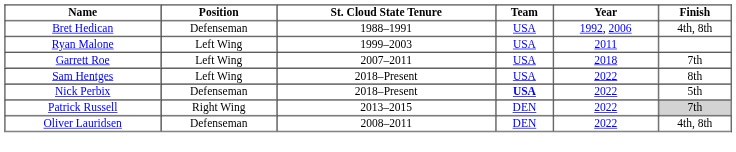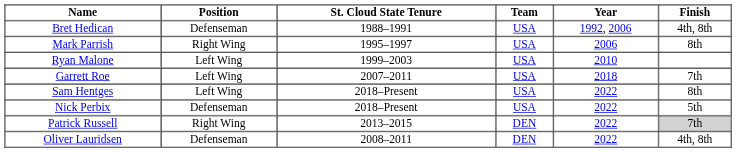 <table cellpadding="1" border="1" cellspacing="0" width="80%">
 <tr>
 <th>Name</th>
 <th>Position</th>
 <th>St. Cloud State Tenure</th>
 <th>Team</th>
 <th>Year</th>
 <th>Finish</th>
 </tr>
 <tr align="center">
 <td><a href='#'>Bret Hedican</a></td>
 <td>Defenseman</td>
 <td>1988–1991</td>
 <td> <a href='#'>USA</a></td>
 <td><a href='#'>1992</a>, <a href='#'>2006</a></td>
 <td>4th, 8th</td>
 </tr>
 <tr align="center">
+<td><a href='#'>Mark Parrish</a></td>
+<td>Right Wing</td>
+<td>1995–1997</td>
+<td> <a href='#'>USA</a></td>
+<td><a href='#'>2006</a></td>
+<td>8th</td>
+</tr>
+<tr align="center">
 <td><a href='#'>Ryan Malone</a></td>
 <td>Left Wing</td>
 <td>1999–2003</td>
 <td> <a href='#'>USA</a></td>
-<td><a href='#'>2011</a></td>
+<td><a href='#'>2010</a></td>
 <td></td>
 </tr>
 <tr align="center">
 <td><a href='#'>Garrett Roe</a></td>
 <td>Left Wing</td>
 <td>2007–2011</td>
 <td> <a href='#'>USA</a></td>
 <td><a href='#'>2018</a></td>
 <td>7th</td>
 </tr>
 <tr align="center">
 <td><a href='#'>Sam Hentges</a></td>
 <td>Left Wing</td>
 <td>2018–Present</td>
 <td> <a href='#'>USA</a></td>
 <td><a href='#'>2022</a></td>
 <td>8th</td>
 </tr>
 <tr align="center">
 <td><a href='#'>Nick Perbix</a></td>
 <td>Defenseman</td>
 <td>2018–Present</td>
-<td><strong> <a href='#'>USA</a></strong></td>
+<td> <a href='#'>USA</a></td>
 <td><a href='#'>2022</a></td>
 <td>5th</td>
 </tr>
 <tr align="center">
 <td><a href='#'>Patrick Russell</a></td>
 <td>Right Wing</td>
 <td>2013–2015</td>
 <td> <a href='#'>DEN</a></td>
 <td><a href='#'>2022</a></td>
 <td style="background: lightgrey;">7th</td>
 </tr>
 <tr align="center">
 <td><a href='#'>Oliver Lauridsen</a></td>
 <td>Defenseman</td>
 <td>2008–2011</td>
 <td> <a href='#'>DEN</a></td>
 <td><a href='#'>2022</a></td>
 <td>4th, 8th</td>
 </tr>
 <tr align="center">
 </tr>
 </table>
